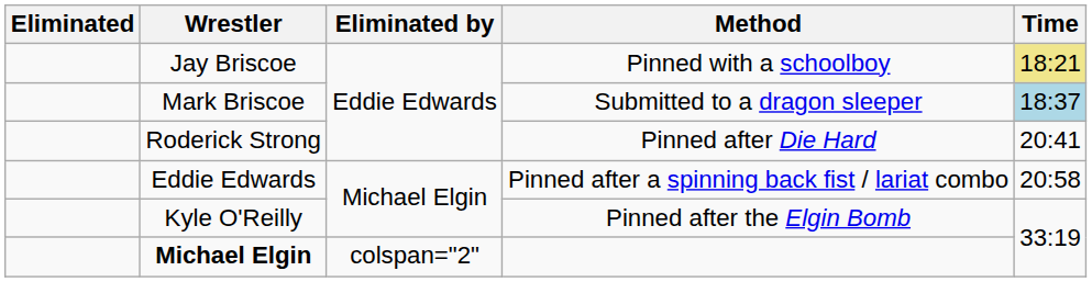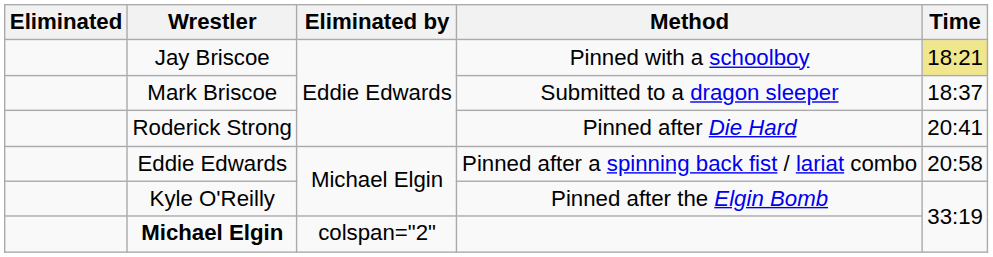 <table class="wikitable sortable" style="text-align:center;">
 <tr>
 <th>Eliminated</th>
 <th>Wrestler</th>
 <th>Eliminated by</th>
 <th>Method</th>
 <th>Time</th>
 </tr>
 <tr>
 <td></td>
 <td>Jay Briscoe</td>
 <td rowspan=3>Eddie Edwards</td>
 <td>Pinned with a <a href='#'>schoolboy</a></td>
 <td style="background: khaki;">18:21</td>
 </tr>
 <tr>
 <td></td>
 <td>Mark Briscoe</td>
 <td>Submitted to a <a href='#'>dragon sleeper</a></td>
-<td style="background: lightblue;">18:37</td>
+<td>18:37</td>
 </tr>
 <tr>
 <td></td>
 <td>Roderick Strong</td>
 <td>Pinned after <em><a href='#'>Die Hard</a></em></td>
 <td>20:41</td>
 </tr>
 <tr>
 <td></td>
 <td>Eddie Edwards</td>
 <td rowspan=2>Michael Elgin</td>
 <td>Pinned after a <a href='#'>spinning back fist</a> / <a href='#'>lariat</a> combo</td>
 <td>20:58</td>
 </tr>
 <tr>
 <td></td>
 <td>Kyle O'Reilly</td>
 <td>Pinned after the <em><a href='#'>Elgin Bomb</a></em></td>
 <td rowspan=2>33:19</td>
 </tr>
 <tr>
 <td></td>
 <td><strong>Michael Elgin</strong></td>
 <td>colspan="2" </td>
 </tr>
 </table>
